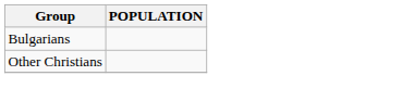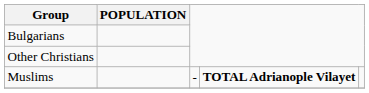 <table class="wikitable">
 <tr>
 <th>Group</th>
 <th>POPULATION</th>
 </tr>
 <tr>
 <td>Bulgarians</td>
 <td></td>
 </tr>
 <tr>
 <td>Other Christians</td>
 <td></td>
 </tr>
 <tr>
+<td>Muslims</td>
+<td></td>
+<td>-</td>
+<td><strong>TOTAL Adrianople Vilayet</strong></td>
+<td></td>
+</tr>
+<tr>
 </tr>
 </table>
